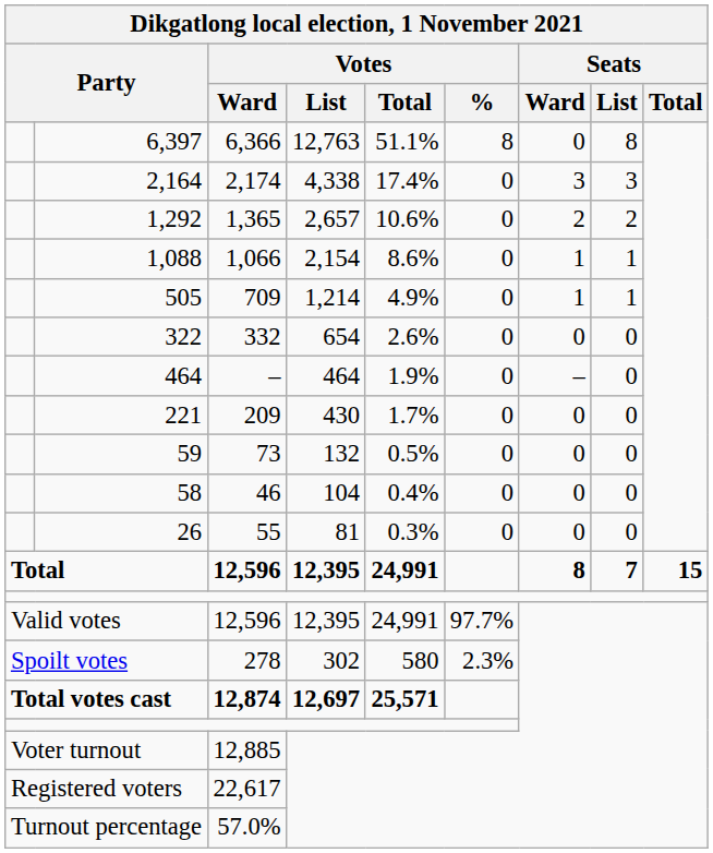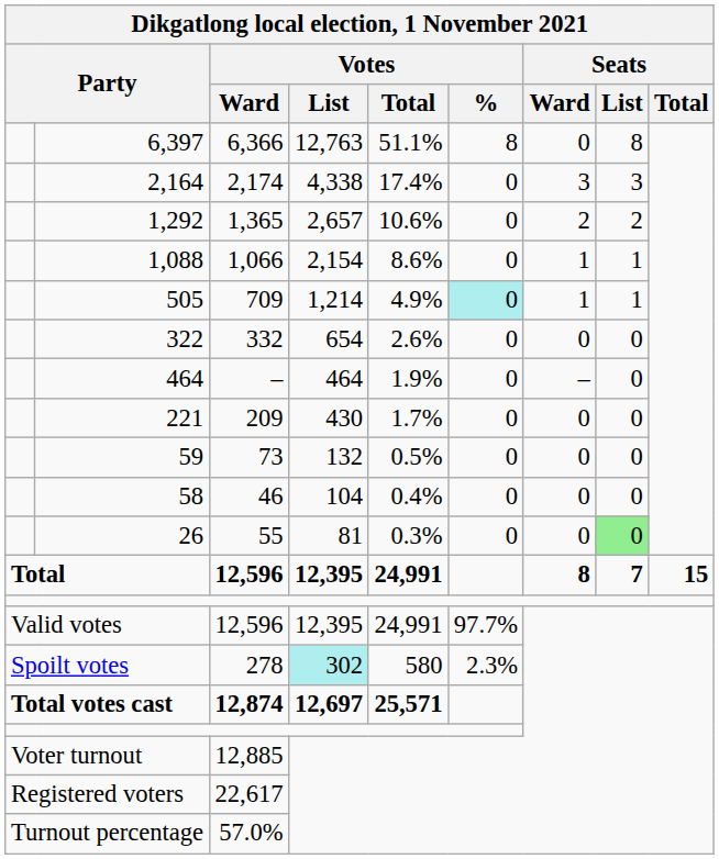 <table class=wikitable style="text-align:right">
 <tr>
 <th colspan="9" align="center">Dikgatlong local election, 1 November 2021</th>
 </tr>
 <tr>
 <th rowspan="2" colspan="2">Party</th>
 <th colspan="4" align="center">Votes</th>
 <th colspan="3" align="center">Seats</th>
 </tr>
 <tr>
 <th>Ward</th>
 <th>List</th>
 <th>Total</th>
 <th>%</th>
 <th>Ward</th>
 <th>List</th>
 <th>Total</th>
 </tr>
 <tr>
 <td></td>
 <td>6,397</td>
 <td>6,366</td>
 <td>12,763</td>
 <td>51.1%</td>
 <td>8</td>
 <td>0</td>
 <td>8</td>
 </tr>
 <tr>
 <td></td>
 <td>2,164</td>
 <td>2,174</td>
 <td>4,338</td>
 <td>17.4%</td>
 <td>0</td>
 <td>3</td>
 <td>3</td>
 </tr>
 <tr>
 <td></td>
 <td>1,292</td>
 <td>1,365</td>
 <td>2,657</td>
 <td>10.6%</td>
 <td>0</td>
 <td>2</td>
 <td>2</td>
 </tr>
 <tr>
 <td></td>
 <td>1,088</td>
 <td>1,066</td>
 <td>2,154</td>
 <td>8.6%</td>
 <td>0</td>
 <td>1</td>
 <td>1</td>
 </tr>
 <tr>
 <td></td>
 <td>505</td>
 <td>709</td>
 <td>1,214</td>
 <td>4.9%</td>
-<td>0</td>
+<td style="background: paleturquoise;">0</td>
 <td>1</td>
 <td>1</td>
 </tr>
 <tr>
 <td></td>
 <td>322</td>
 <td>332</td>
 <td>654</td>
 <td>2.6%</td>
 <td>0</td>
 <td>0</td>
 <td>0</td>
 </tr>
 <tr>
 <td></td>
 <td>464</td>
 <td>–</td>
 <td>464</td>
 <td>1.9%</td>
 <td>0</td>
 <td>–</td>
 <td>0</td>
 </tr>
 <tr>
 <td></td>
 <td>221</td>
 <td>209</td>
 <td>430</td>
 <td>1.7%</td>
 <td>0</td>
 <td>0</td>
 <td>0</td>
 </tr>
 <tr>
 <td></td>
 <td>59</td>
 <td>73</td>
 <td>132</td>
 <td>0.5%</td>
 <td>0</td>
 <td>0</td>
 <td>0</td>
 </tr>
 <tr>
 <td></td>
 <td>58</td>
 <td>46</td>
 <td>104</td>
 <td>0.4%</td>
 <td>0</td>
 <td>0</td>
 <td>0</td>
 </tr>
 <tr>
 <td></td>
 <td>26</td>
 <td>55</td>
 <td>81</td>
 <td>0.3%</td>
 <td>0</td>
 <td>0</td>
-<td>0</td>
+<td style="background: lightgreen;">0</td>
 </tr>
 <tr>
 <td colspan="2" style="text-align:left"><strong>Total</strong></td>
 <td><strong>12,596</strong></td>
 <td><strong>12,395</strong></td>
 <td><strong>24,991</strong></td>
 <td></td>
 <td><strong>8</strong></td>
 <td><strong>7</strong></td>
 <td><strong>15</strong></td>
 </tr>
 <tr>
 <td colspan="9"></td>
 </tr>
 <tr>
 <td colspan="2" style="text-align:left">Valid votes</td>
 <td>12,596</td>
 <td>12,395</td>
 <td>24,991</td>
 <td>97.7%</td>
 </tr>
 <tr>
 <td colspan="2" style="text-align:left"><a href='#'>Spoilt votes</a></td>
 <td>278</td>
-<td>302</td>
+<td style="background: paleturquoise;">302</td>
 <td>580</td>
 <td>2.3%</td>
 </tr>
 <tr>
 <td colspan="2" style="text-align:left"><strong>Total votes cast</strong></td>
 <td><strong>12,874</strong></td>
 <td><strong>12,697</strong></td>
 <td><strong>25,571</strong></td>
 <td></td>
 </tr>
 <tr>
 <td colspan="6"></td>
 </tr>
 <tr>
 <td colspan="2" style="text-align:left">Voter turnout</td>
 <td>12,885</td>
 </tr>
 <tr>
 <td colspan="2" style="text-align:left">Registered voters</td>
 <td>22,617</td>
 </tr>
 <tr>
 <td colspan="2" style="text-align:left">Turnout percentage</td>
 <td>57.0%</td>
 </tr>
 </table>
